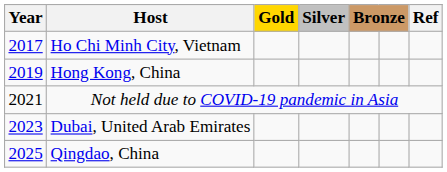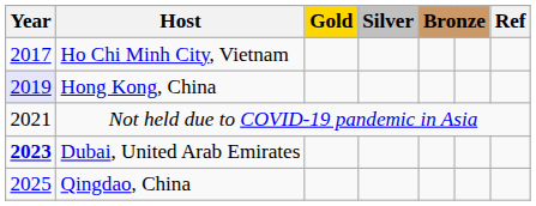 <table class="wikitable" style="text-align:left;">
 <tr>
 <th>Year</th>
 <th>Host</th>
 <th style="background-color: gold">Gold</th>
 <th style="background-color: silver">Silver</th>
 <th style="background-color: #cc9966" colspan="2">Bronze</th>
 <th>Ref</th>
 </tr>
 <tr>
 <td><a href='#'>2017</a></td>
 <td><a href='#'>Ho Chi Minh City</a>, Vietnam</td>
 <td></td>
 <td></td>
 <td></td>
 <td></td>
 <td></td>
 </tr>
 <tr>
-<td><a href='#'>2019</a></td>
+<td style="background: lavender;"><a href='#'>2019</a></td>
 <td><a href='#'>Hong Kong</a>, China</td>
 <td></td>
 <td></td>
 <td></td>
 <td></td>
 <td></td>
 </tr>
 <tr>
 <td>2021</td>
 <td style="text-align:center;" colspan=6><em>Not held due to <a href='#'>COVID-19 pandemic in Asia</a></em></td>
 </tr>
 <tr>
-<td><a href='#'>2023</a></td>
+<td><strong><a href='#'>2023</a></strong></td>
 <td><a href='#'>Dubai</a>, United Arab Emirates</td>
 <td></td>
 <td></td>
 <td></td>
 <td></td>
 <td></td>
 </tr>
 <tr>
 <td><a href='#'>2025</a></td>
 <td><a href='#'>Qingdao</a>, China</td>
 <td></td>
 <td></td>
 <td></td>
 <td></td>
 <td></td>
 </tr>
 </table>
